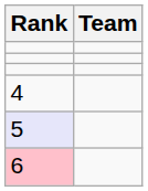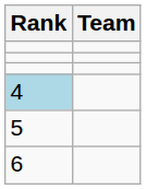 <table class="wikitable">
 <tr>
 <th>Rank</th>
 <th>Team</th>
 </tr>
 <tr>
 <td></td>
 <td></td>
 </tr>
 <tr>
 <td></td>
 <td></td>
 </tr>
 <tr>
 <td></td>
 <td></td>
 </tr>
 <tr>
-<td>4</td>
+<td style="background: lightblue;">4</td>
 <td></td>
 </tr>
 <tr>
-<td style="background: lavender;">5</td>
+<td>5</td>
 <td></td>
 </tr>
 <tr>
-<td style="background: pink;">6</td>
+<td>6</td>
 <td></td>
 </tr>
 </table>
